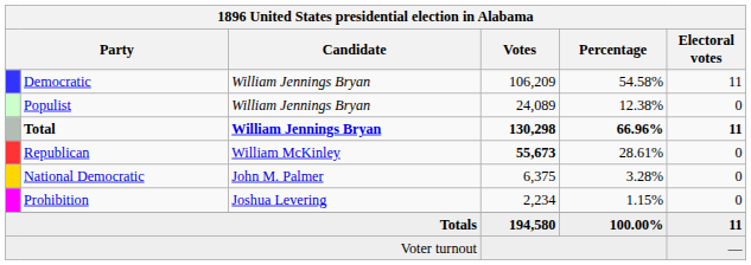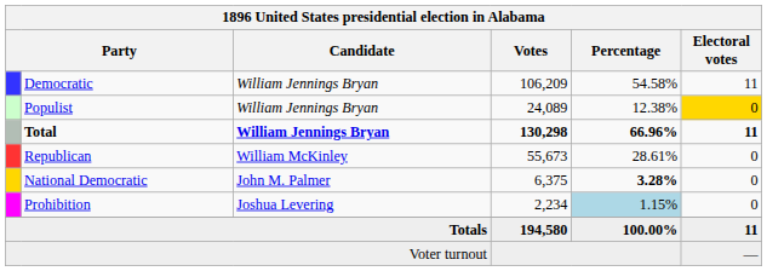 <table class="wikitable" style="font-size: 95%;">
 <tr>
 <th colspan="6">1896 United States presidential election in Alabama</th>
 </tr>
 <tr>
 <th colspan="2" style="width: 15em">Party</th>
 <th style="width: 17em">Candidate</th>
 <th style="width: 5em">Votes</th>
 <th style="width: 7em">Percentage</th>
 <th style="width: 5em">Electoral votes</th>
 </tr>
 <tr>
 <th style="background-color:#3333FF; width: 3px"></th>
 <td style="width: 130px"><a href='#'>Democratic</a></td>
 <td><em>William Jennings Bryan</em></td>
 <td align="right">106,209</td>
 <td align="right">54.58%</td>
 <td align="right">11</td>
 </tr>
 <tr>
 <th style="background-color:#CCFFCC; width: 3px"></th>
 <td style="width: 130px"><a href='#'>Populist</a></td>
 <td><em>William Jennings Bryan</em></td>
 <td align="right">24,089</td>
 <td align="right">12.38%</td>
-<td align="right">0</td>
+<td align="right" style="background: gold;">0</td>
 </tr>
 <tr>
 <th style="background-color:#B2BEB5; width: 3px"></th>
 <td style="width: 130px"><strong> Total</strong></td>
 <td><strong><a href='#'>William Jennings Bryan</a></strong></td>
 <td align="right"><strong>130,298</strong></td>
 <td align="right"><strong>66.96%</strong></td>
 <td align="right"><strong>11</strong></td>
 </tr>
 <tr>
 <th style="background-color:#FF3333; width: 3px"></th>
 <td style="width: 130px"><a href='#'>Republican</a></td>
 <td><a href='#'>William McKinley</a></td>
-<td align="right"><strong>55,673</strong></td>
+<td align="right">55,673</td>
 <td align="right">28.61%</td>
 <td align="right">0</td>
 </tr>
 <tr>
 <th style="background-color:#FFD700; width: 3px"></th>
 <td style="width: 130px"><a href='#'>National Democratic</a></td>
 <td><a href='#'>John M. Palmer</a></td>
 <td align="right">6,375</td>
-<td align="right">3.28%</td>
+<td align="right"><strong>3.28%</strong></td>
 <td align="right">0</td>
 </tr>
 <tr>
 <th style="background-color:#FF00FF; width: 3px"></th>
 <td style="width: 130px"><a href='#'>Prohibition</a></td>
 <td><a href='#'>Joshua Levering</a></td>
 <td align="right">2,234</td>
-<td align="right">1.15%</td>
+<td align="right" style="background: lightblue;">1.15%</td>
 <td align="right">0</td>
 </tr>
 <tr>
 </tr>
 <tr bgcolor="#EEEEEE">
 <td colspan="3" align="right"><strong>Totals</strong></td>
 <td align="right"><strong>194,580</strong></td>
 <td align="right"><strong>100.00%</strong></td>
 <td align="right"><strong>11</strong></td>
 </tr>
 <tr bgcolor="#EEEEEE">
 <td colspan="3" align="right">Voter turnout</td>
 <td colspan="2" align="right"></td>
 <td align="right">—</td>
 </tr>
 </table>
